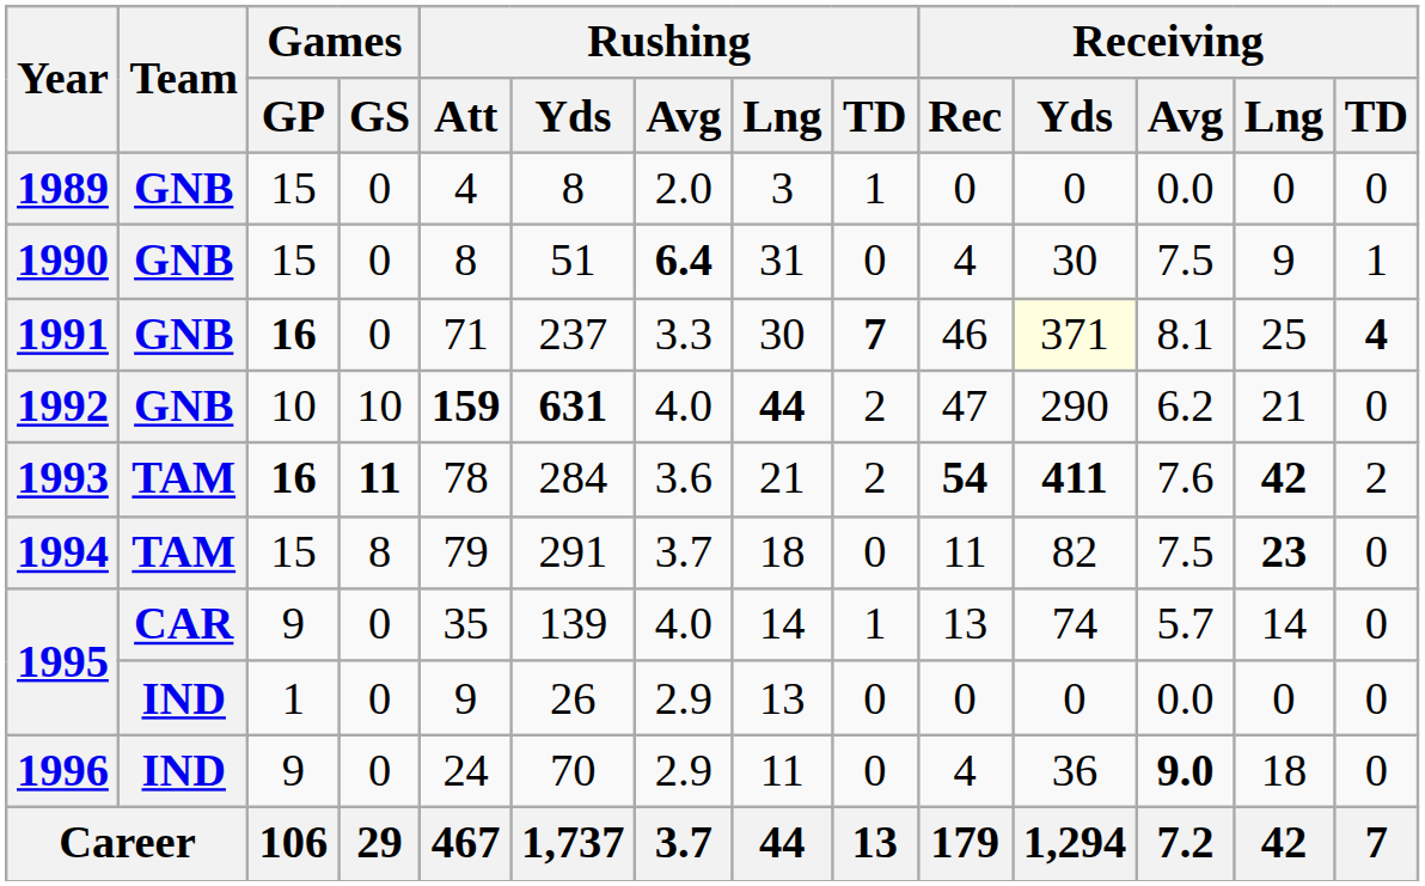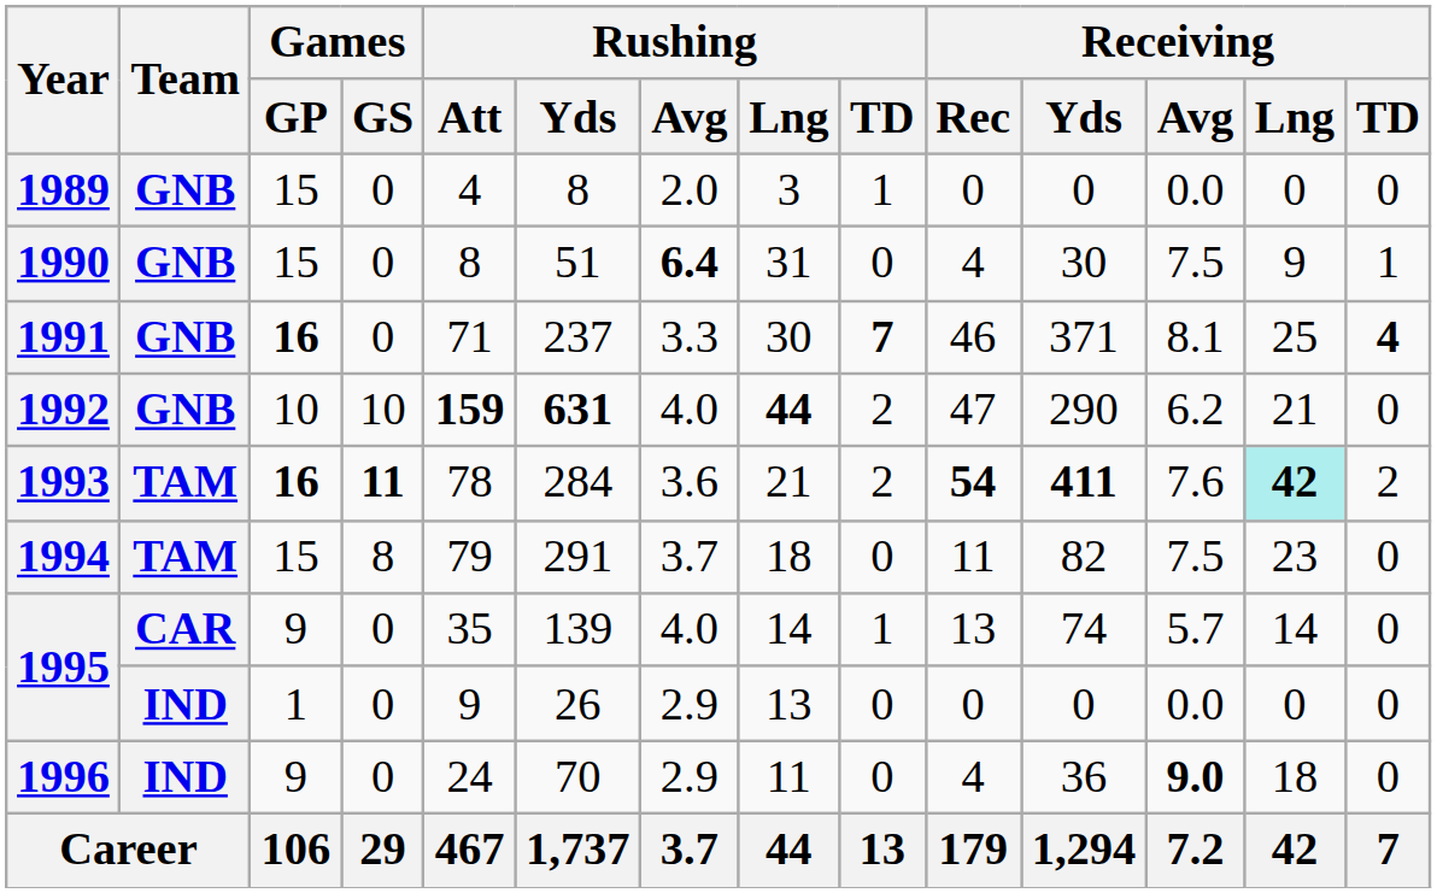 <table class="wikitable" style="text-align:center;">
 <tr>
 <th rowspan="2">Year</th>
 <th rowspan="2">Team</th>
 <th colspan="2">Games</th>
 <th colspan="5">Rushing</th>
 <th colspan="5">Receiving</th>
 </tr>
 <tr>
 <th>GP</th>
 <th>GS</th>
 <th>Att</th>
 <th>Yds</th>
 <th>Avg</th>
 <th>Lng</th>
 <th>TD</th>
 <th>Rec</th>
 <th>Yds</th>
 <th>Avg</th>
 <th>Lng</th>
 <th>TD</th>
 </tr>
 <tr>
 <th><a href='#'>1989</a></th>
 <th><a href='#'>GNB</a></th>
 <td>15</td>
 <td>0</td>
 <td>4</td>
 <td>8</td>
 <td>2.0</td>
 <td>3</td>
 <td>1</td>
 <td>0</td>
 <td>0</td>
 <td>0.0</td>
 <td>0</td>
 <td>0</td>
 </tr>
 <tr>
 <th><a href='#'>1990</a></th>
 <th><a href='#'>GNB</a></th>
 <td>15</td>
 <td>0</td>
 <td>8</td>
 <td>51</td>
 <td><strong>6.4</strong></td>
 <td>31</td>
 <td>0</td>
 <td>4</td>
 <td>30</td>
 <td>7.5</td>
 <td>9</td>
 <td>1</td>
 </tr>
 <tr>
 <th><a href='#'>1991</a></th>
 <th><a href='#'>GNB</a></th>
 <td><strong>16</strong></td>
 <td>0</td>
 <td>71</td>
 <td>237</td>
 <td>3.3</td>
 <td>30</td>
 <td><strong>7</strong></td>
 <td>46</td>
-<td style="background: lightyellow;">371</td>
+<td>371</td>
 <td>8.1</td>
 <td>25</td>
 <td><strong>4</strong></td>
 </tr>
 <tr>
 <th><a href='#'>1992</a></th>
 <th><a href='#'>GNB</a></th>
 <td>10</td>
 <td>10</td>
 <td><strong>159</strong></td>
 <td><strong>631</strong></td>
 <td>4.0</td>
 <td><strong>44</strong></td>
 <td>2</td>
 <td>47</td>
 <td>290</td>
 <td>6.2</td>
 <td>21</td>
 <td>0</td>
 </tr>
 <tr>
 <th><a href='#'>1993</a></th>
 <th><a href='#'>TAM</a></th>
 <td><strong>16</strong></td>
 <td><strong>11</strong></td>
 <td>78</td>
 <td>284</td>
 <td>3.6</td>
 <td>21</td>
 <td>2</td>
 <td><strong>54</strong></td>
 <td><strong>411</strong></td>
 <td>7.6</td>
-<td><strong>42</strong></td>
+<td style="background: paleturquoise;"><strong>42</strong></td>
 <td>2</td>
 </tr>
 <tr>
 <th><a href='#'>1994</a></th>
 <th><a href='#'>TAM</a></th>
 <td>15</td>
 <td>8</td>
 <td>79</td>
 <td>291</td>
 <td>3.7</td>
 <td>18</td>
 <td>0</td>
 <td>11</td>
 <td>82</td>
 <td>7.5</td>
-<td><strong>23</strong></td>
+<td>23</td>
 <td>0</td>
 </tr>
 <tr>
 <th rowspan="2"><a href='#'>1995</a></th>
 <th><a href='#'>CAR</a></th>
 <td>9</td>
 <td>0</td>
 <td>35</td>
 <td>139</td>
 <td>4.0</td>
 <td>14</td>
 <td>1</td>
 <td>13</td>
 <td>74</td>
 <td>5.7</td>
 <td>14</td>
 <td>0</td>
 </tr>
 <tr>
 <th><a href='#'>IND</a></th>
 <td>1</td>
 <td>0</td>
 <td>9</td>
 <td>26</td>
 <td>2.9</td>
 <td>13</td>
 <td>0</td>
 <td>0</td>
 <td>0</td>
 <td>0.0</td>
 <td>0</td>
 <td>0</td>
 </tr>
 <tr>
 <th><a href='#'>1996</a></th>
 <th><a href='#'>IND</a></th>
 <td>9</td>
 <td>0</td>
 <td>24</td>
 <td>70</td>
 <td>2.9</td>
 <td>11</td>
 <td>0</td>
 <td>4</td>
 <td>36</td>
 <td><strong>9.0</strong></td>
 <td>18</td>
 <td>0</td>
 </tr>
 <tr>
 <th colspan="2">Career</th>
 <th>106</th>
 <th>29</th>
 <th>467</th>
 <th>1,737</th>
 <th>3.7</th>
 <th>44</th>
 <th>13</th>
 <th>179</th>
 <th>1,294</th>
 <th>7.2</th>
 <th>42</th>
 <th>7</th>
 </tr>
 </table>
